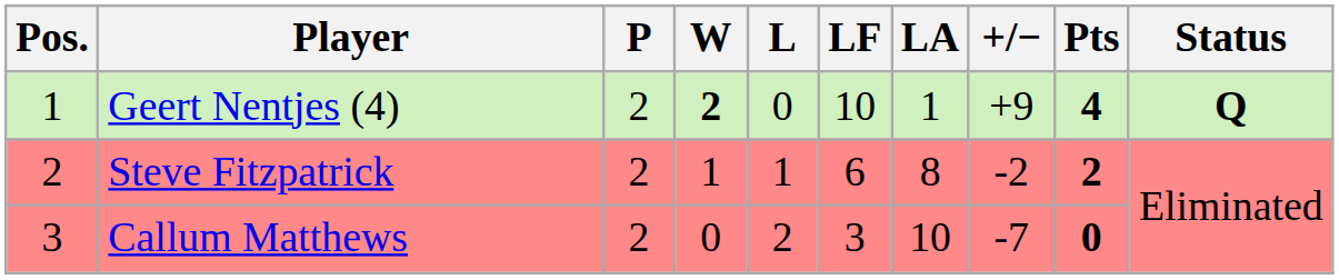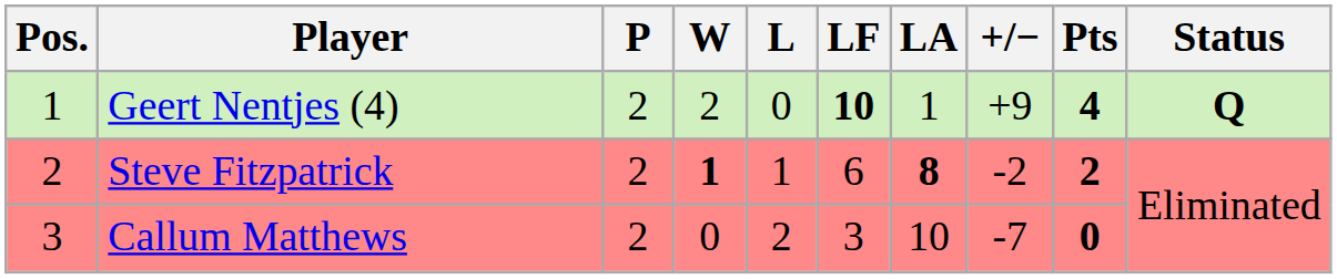 <table class="wikitable" style="text-align:center; margin: 1em auto 1em auto, align:left">
 <tr>
 <th width=20>Pos.</th>
 <th width=185>Player</th>
 <th width=20>P</th>
 <th width=20>W</th>
 <th width=20>L</th>
 <th width=20>LF</th>
 <th width=20>LA</th>
 <th width=25>+/−</th>
 <th width=20>Pts</th>
 <th width=70>Status</th>
 </tr>
 <tr style="background:#D0F0C0;">
 <td>1</td>
 <td align=left> <a href='#'>Geert Nentjes</a> (4)</td>
 <td>2</td>
-<td><strong>2</strong></td>
+<td>2</td>
 <td>0</td>
-<td>10</td>
+<td><strong>10</strong></td>
 <td>1</td>
 <td>+9</td>
 <td><strong>4</strong></td>
 <td rowspan=1><strong>Q</strong></td>
 </tr>
 <tr style="background:#FF8888;">
 <td>2</td>
 <td align=left> <a href='#'>Steve Fitzpatrick</a></td>
 <td>2</td>
-<td>1</td>
+<td><strong>1</strong></td>
 <td>1</td>
 <td>6</td>
-<td>8</td>
+<td><strong>8</strong></td>
 <td>-2</td>
 <td><strong>2</strong></td>
 <td rowspan=2>Eliminated</td>
 </tr>
 <tr style="background:#FF8888;">
 <td>3</td>
 <td align=left> <a href='#'>Callum Matthews</a></td>
 <td>2</td>
 <td>0</td>
 <td>2</td>
 <td>3</td>
 <td>10</td>
 <td>-7</td>
 <td><strong>0</strong></td>
 </tr>
 </table>
